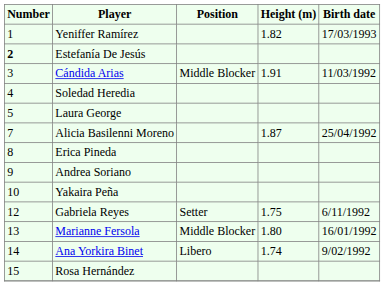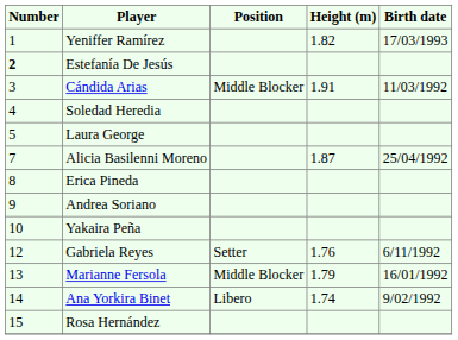 <table bgcolor="#eeffee" cellpadding="3" cellspacing="0" border="1" style="font-size: 95%; border: gray solid 1px; border-collapse: collapse;">
 <tr bgcolor="#eeffee">
 <td align=center><strong>Number</strong></td>
 <td align=center><strong>Player</strong></td>
 <td align=center><strong>Position</strong></td>
 <td align=center><strong>Height (m)</strong></td>
 <td align=center><strong>Birth date</strong></td>
 </tr>
 <tr align=left>
 <td>1</td>
 <td> Yeniffer Ramírez</td>
 <td></td>
 <td>1.82</td>
 <td>17/03/1993</td>
 </tr>
 <tr align="left">
 <td><strong>2</strong></td>
 <td> Estefanía De Jesús</td>
 <td></td>
 <td></td>
 <td></td>
 </tr>
 <tr align="left">
 <td>3</td>
 <td> <a href='#'>Cándida Arias</a></td>
 <td>Middle Blocker</td>
 <td>1.91</td>
 <td>11/03/1992</td>
 </tr>
 <tr align="left">
 <td>4</td>
 <td> Soledad Heredia</td>
 <td></td>
 <td></td>
 <td></td>
 </tr>
 <tr align="left">
 <td>5</td>
 <td> Laura George</td>
 <td></td>
 <td></td>
 <td></td>
 </tr>
 <tr align="left">
 <td>7</td>
 <td> Alicia Basilenni Moreno</td>
 <td></td>
 <td>1.87</td>
 <td>25/04/1992</td>
 </tr>
 <tr align="left">
 <td>8</td>
 <td> Erica Pineda</td>
 <td></td>
 <td></td>
 <td></td>
 </tr>
 <tr align="left">
 <td>9</td>
 <td> Andrea Soriano</td>
 <td></td>
 <td></td>
 <td></td>
 </tr>
 <tr align="left">
 <td>10</td>
 <td> Yakaira Peña</td>
 <td></td>
 <td></td>
 <td></td>
 </tr>
 <tr align="left">
 <td>12</td>
 <td> Gabriela Reyes</td>
 <td>Setter</td>
-<td>1.75</td>
+<td>1.76</td>
 <td>6/11/1992</td>
 </tr>
 <tr align="left">
 <td>13</td>
 <td> <a href='#'>Marianne Fersola</a></td>
 <td>Middle Blocker</td>
-<td>1.80</td>
+<td>1.79</td>
 <td>16/01/1992</td>
 </tr>
 <tr align="left">
 <td>14</td>
 <td> <a href='#'>Ana Yorkira Binet</a></td>
 <td>Libero</td>
 <td>1.74</td>
 <td>9/02/1992</td>
 </tr>
 <tr align="left">
 <td>15</td>
 <td> Rosa Hernández</td>
 <td></td>
 <td></td>
 <td></td>
 </tr>
 <tr align="left">
 </tr>
 </table>
